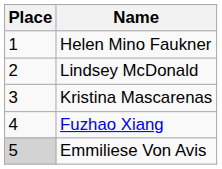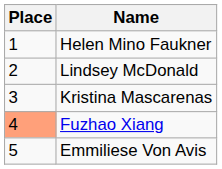 <table class="wikitable">
 <tr>
 <th>Place</th>
 <th>Name</th>
 </tr>
 <tr>
 <td>1</td>
 <td> Helen	Mino Faukner</td>
 </tr>
 <tr>
 <td>2</td>
 <td> Lindsey McDonald</td>
 </tr>
 <tr>
 <td>3</td>
 <td> Kristina Mascarenas</td>
 </tr>
 <tr>
-<td>4</td>
+<td style="background: lightsalmon;">4</td>
 <td> <a href='#'>Fuzhao Xiang</a></td>
 </tr>
 <tr>
-<td style="background: lightgrey;">5</td>
+<td>5</td>
 <td> Emmiliese Von Avis</td>
 </tr>
 </table>
